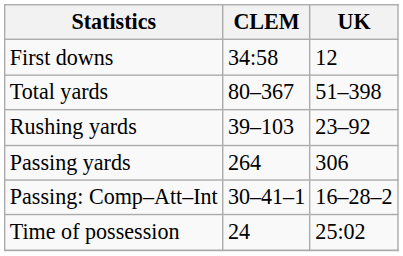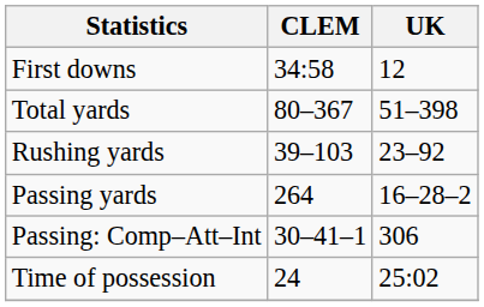 <table class="wikitable" style="float: left;">
 <tr>
 <th>Statistics</th>
 <th>CLEM</th>
 <th>UK</th>
 </tr>
 <tr>
 <td>First downs</td>
 <td>34:58</td>
 <td>12</td>
 </tr>
 <tr>
 <td>Total yards</td>
 <td>80–367</td>
 <td>51–398</td>
 </tr>
 <tr>
 <td>Rushing yards</td>
 <td>39–103</td>
 <td>23–92</td>
 </tr>
 <tr>
 <td>Passing yards</td>
 <td>264</td>
-<td>306</td>
+<td>16–28–2</td>
 </tr>
 <tr>
 <td>Passing: Comp–Att–Int</td>
 <td>30–41–1</td>
-<td>16–28–2</td>
+<td>306</td>
 </tr>
 <tr>
 <td>Time of possession</td>
 <td>24</td>
 <td>25:02</td>
 </tr>
 <tr>
 </tr>
 </table>
